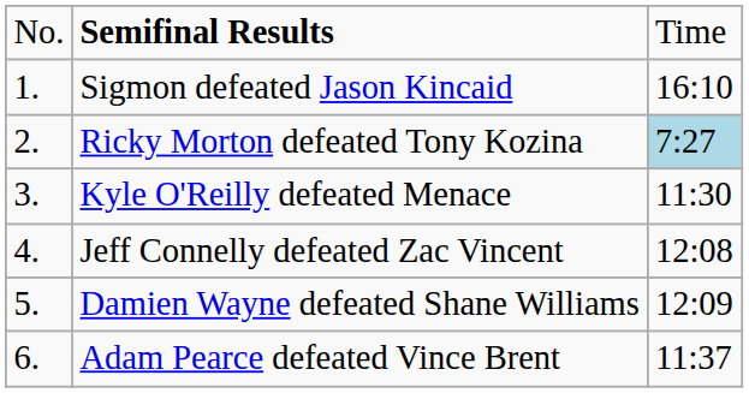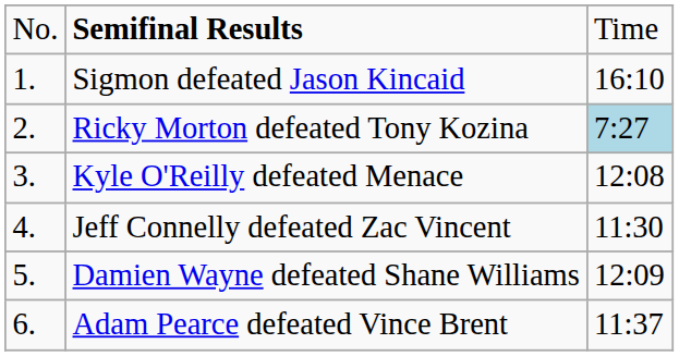 <table class="wikitable">
 <tr>
 <td>No.</td>
 <td><strong>Semifinal Results</strong></td>
 <td>Time</td>
 </tr>
 <tr>
 <td>1.</td>
 <td>Sigmon defeated <a href='#'>Jason Kincaid</a></td>
 <td>16:10</td>
 </tr>
 <tr>
 <td>2.</td>
 <td><a href='#'>Ricky Morton</a> defeated Tony Kozina</td>
 <td style="background: lightblue;">7:27</td>
 </tr>
 <tr>
 <td>3.</td>
 <td><a href='#'>Kyle O'Reilly</a> defeated Menace</td>
-<td>11:30</td>
+<td>12:08</td>
 </tr>
 <tr>
 <td>4.</td>
 <td>Jeff Connelly defeated Zac Vincent</td>
-<td>12:08</td>
+<td>11:30</td>
 </tr>
 <tr>
 <td>5.</td>
 <td><a href='#'>Damien Wayne</a> defeated Shane Williams</td>
 <td>12:09</td>
 </tr>
 <tr>
 <td>6.</td>
 <td><a href='#'>Adam Pearce</a> defeated Vince Brent</td>
 <td>11:37</td>
 </tr>
 </table>
